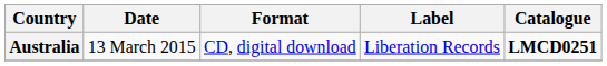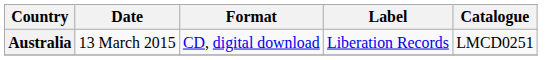 <table class="wikitable plainrowheaders">
 <tr>
 <th scope="col">Country</th>
 <th scope="col">Date</th>
 <th scope="col">Format</th>
 <th scope="col">Label</th>
 <th scope="col">Catalogue</th>
 </tr>
 <tr>
 <th scope="row">Australia</th>
 <td>13 March 2015</td>
 <td><a href='#'>CD</a>, <a href='#'>digital download</a></td>
 <td><a href='#'>Liberation Records</a></td>
-<td><strong>LMCD0251</strong></td>
+<td>LMCD0251</td>
 </tr>
 <tr>
 </tr>
 </table>
